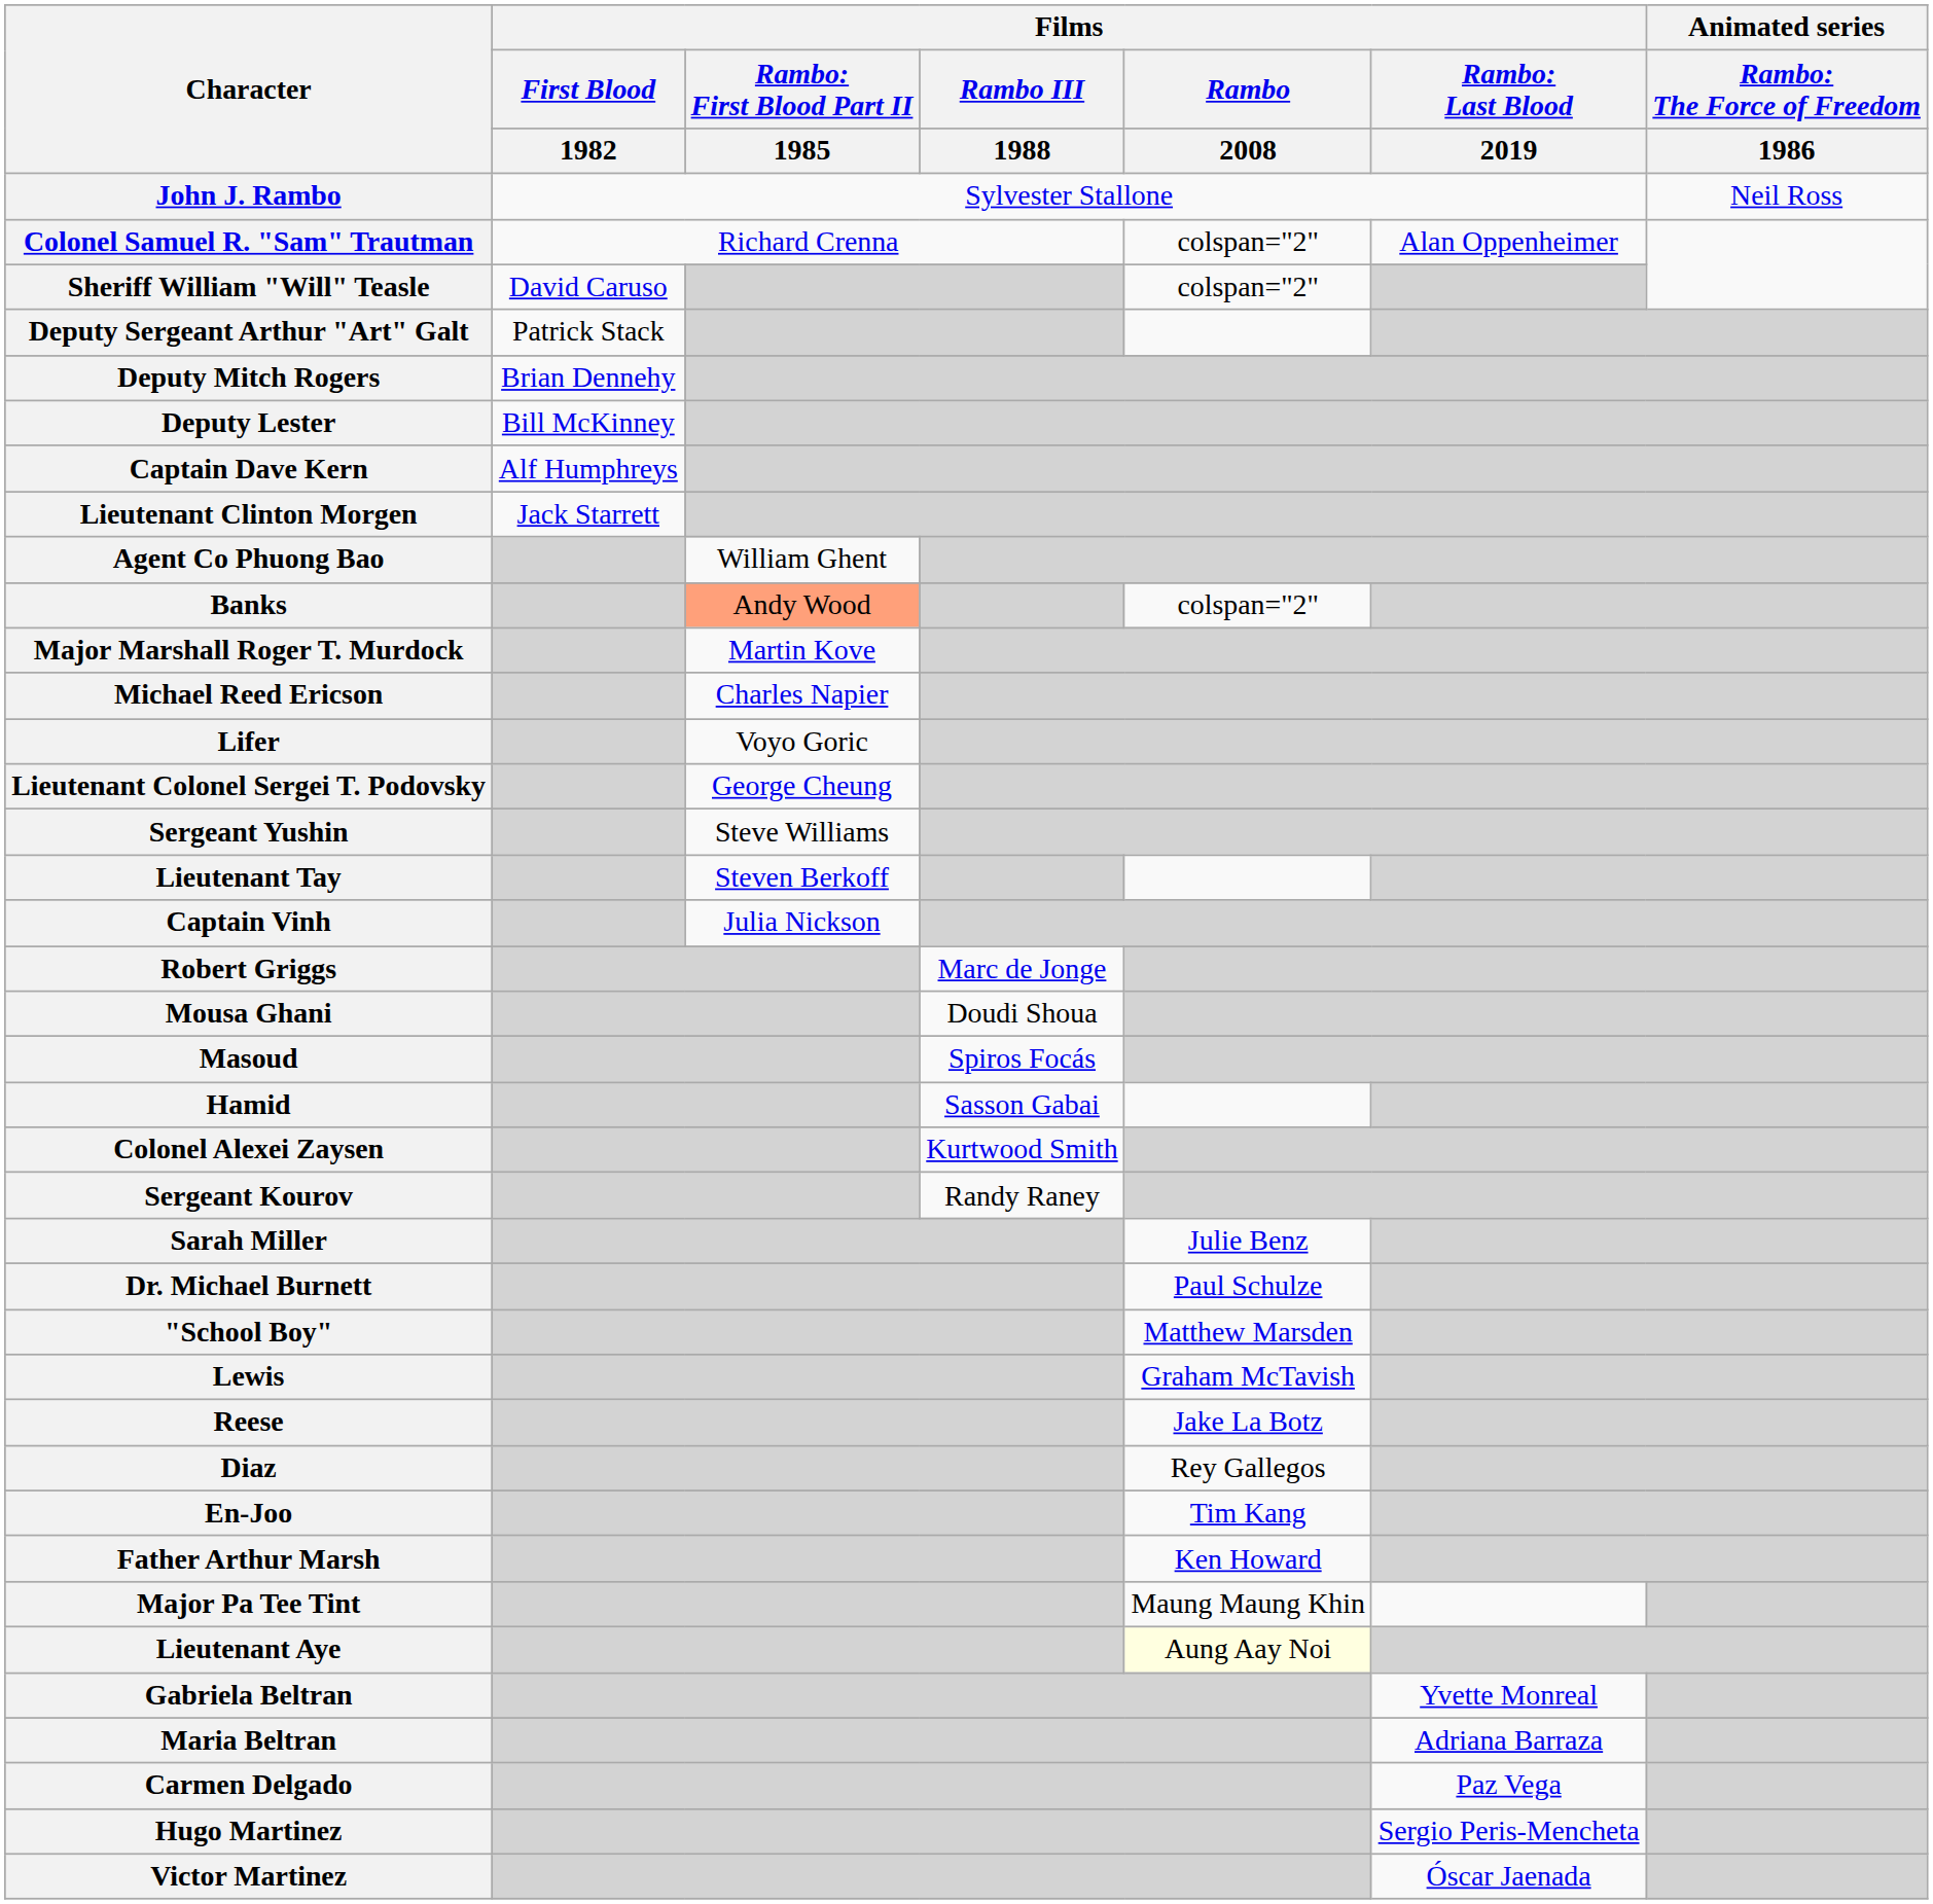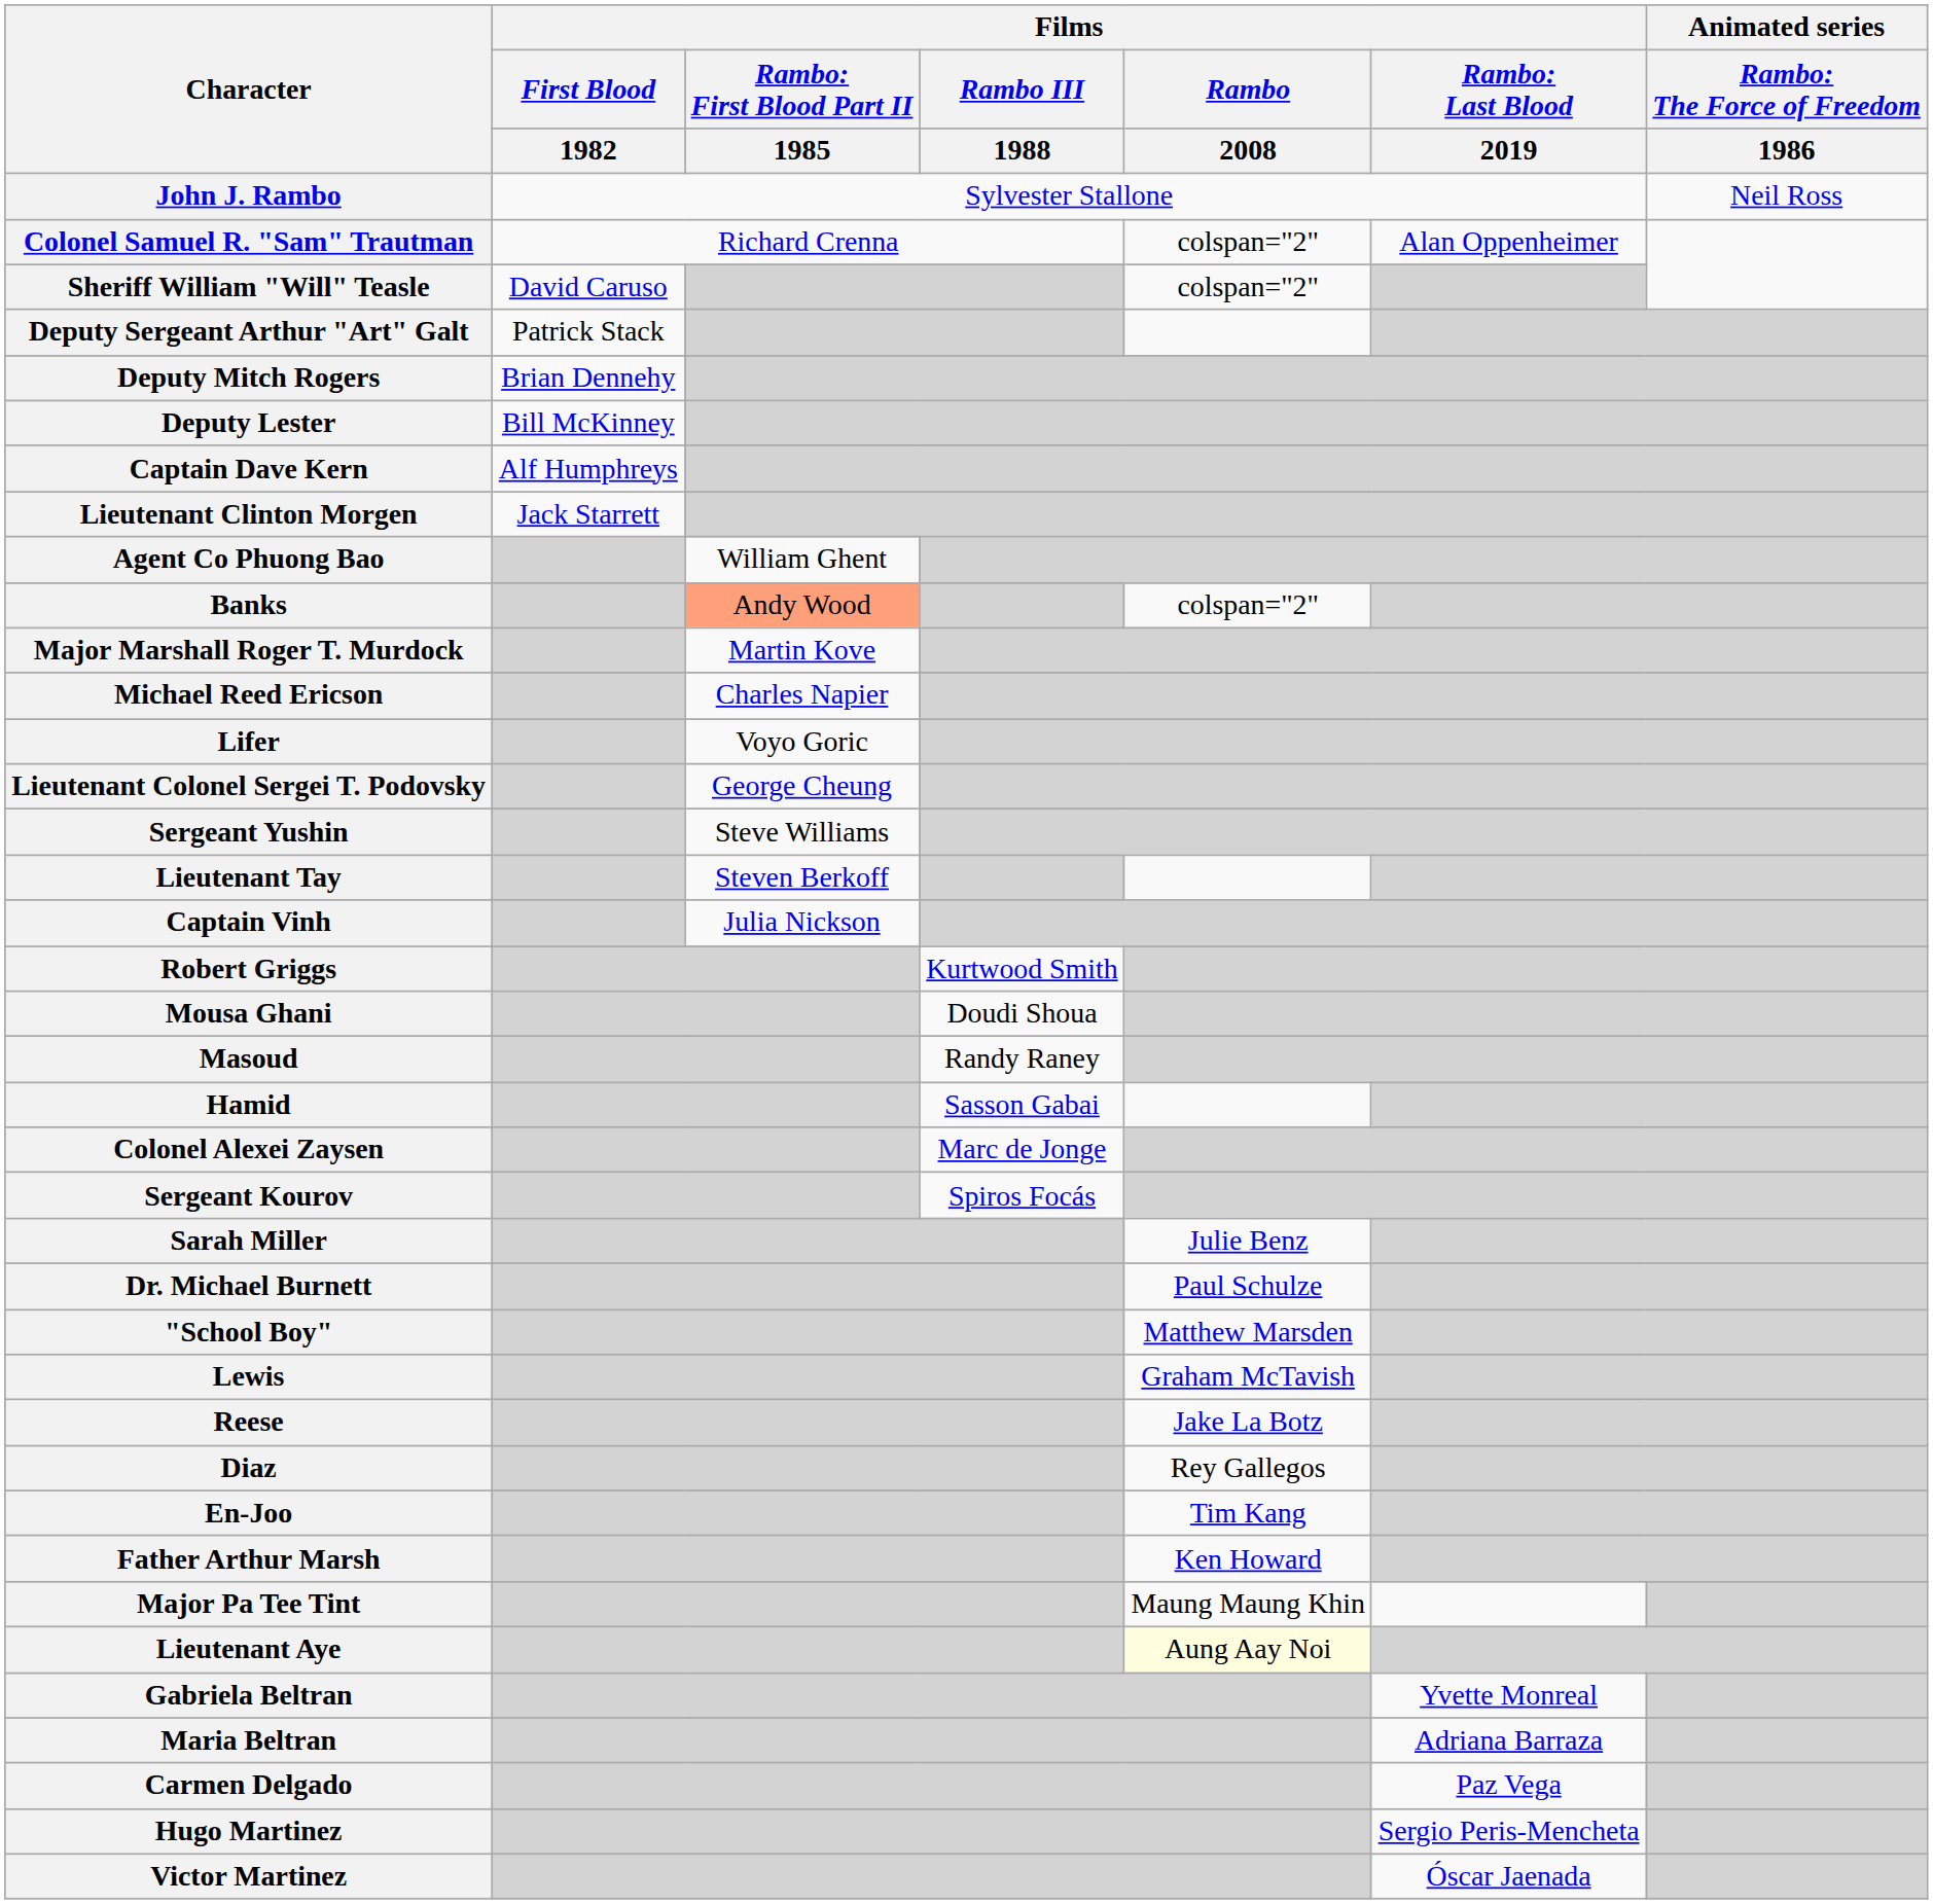 <table class="wikitable" style="text-align:center;">
 <tr>
 <th rowspan="3">Character</th>
 <th colspan="5">Films</th>
 <th colspan="1">Animated series</th>
 </tr>
 <tr>
 <th><em><a href='#'>First Blood</a></em></th>
 <th><em><a href='#'>Rambo:<br>First Blood Part II</a></em></th>
 <th><em><a href='#'>Rambo III</a></em></th>
 <th><em><a href='#'>Rambo</a></em></th>
 <th><em><a href='#'>Rambo:<br>Last Blood</a></em></th>
 <th><em><a href='#'>Rambo:<br>The Force of Freedom</a></em></th>
 </tr>
 <tr>
 <th>1982</th>
 <th>1985</th>
 <th>1988</th>
 <th>2008</th>
 <th>2019</th>
 <th>1986</th>
 </tr>
 <tr>
 <th><a href='#'>John J. Rambo</a></th>
 <td colspan="5"><a href='#'>Sylvester Stallone</a></td>
 <td><a href='#'>Neil Ross</a></td>
 </tr>
 <tr>
 <th><a href='#'>Colonel Samuel R. "Sam" Trautman</a></th>
 <td colspan="3"><a href='#'>Richard Crenna</a></td>
 <td>colspan="2" </td>
 <td><a href='#'>Alan Oppenheimer</a></td>
 </tr>
 <tr>
 <th>Sheriff William "Will" Teasle</th>
 <td><a href='#'>David Caruso</a></td>
 <td colspan="2" style="background:#d3d3d3;"></td>
 <td>colspan="2" </td>
 <td style="background:#d3d3d3;"></td>
 </tr>
 <tr>
 <th>Deputy Sergeant Arthur "Art" Galt</th>
 <td>Patrick Stack</td>
 <td colspan="2" style="background:#d3d3d3;"></td>
 <td></td>
 <td colspan="2" style="background:#d3d3d3;"></td>
 </tr>
 <tr>
 <th>Deputy Mitch Rogers</th>
 <td><a href='#'>Brian Dennehy</a></td>
 <td colspan="5" style="background:#d3d3d3;"></td>
 </tr>
 <tr>
 <th>Deputy Lester</th>
 <td><a href='#'>Bill McKinney</a></td>
 <td colspan="5" style="background:#d3d3d3;"></td>
 </tr>
 <tr>
 <th>Captain Dave Kern</th>
 <td><a href='#'>Alf Humphreys</a></td>
 <td colspan="5" style="background:#d3d3d3;"></td>
 </tr>
 <tr>
 <th>Lieutenant Clinton Morgen</th>
 <td><a href='#'>Jack Starrett</a></td>
 <td colspan="5" style="background:#d3d3d3;"></td>
 </tr>
 <tr>
 <th>Agent Co Phuong Bao</th>
 <td style="background:#d3d3d3;"></td>
 <td>William Ghent</td>
 <td colspan="4" style="background:#d3d3d3;"></td>
 </tr>
 <tr>
 <th>Banks</th>
 <td style="background:#d3d3d3;"></td>
 <td style="background: lightsalmon;">Andy Wood</td>
 <td style="background:#d3d3d3;"></td>
 <td>colspan="2" </td>
 <td colspan="2" style="background:#d3d3d3;"></td>
 </tr>
 <tr>
 <th>Major Marshall Roger T. Murdock</th>
 <td style="background:#d3d3d3;"></td>
 <td><a href='#'>Martin Kove</a></td>
 <td colspan="4" style="background:#d3d3d3;"></td>
 </tr>
 <tr>
 <th>Michael Reed Ericson</th>
 <td style="background:#d3d3d3;"></td>
 <td><a href='#'>Charles Napier</a></td>
 <td colspan="4" style="background:#d3d3d3;"></td>
 </tr>
 <tr>
 <th>Lifer</th>
 <td style="background:#d3d3d3;"></td>
 <td>Voyo Goric</td>
 <td colspan="4" style="background:#d3d3d3;"></td>
 </tr>
 <tr>
 <th>Lieutenant Colonel Sergei T. Podovsky</th>
 <td style="background:#d3d3d3;"></td>
 <td><a href='#'>George Cheung</a></td>
 <td colspan="4" style="background:#d3d3d3;"></td>
 </tr>
 <tr>
 <th>Sergeant Yushin</th>
 <td style="background:#d3d3d3;"></td>
 <td>Steve Williams</td>
 <td colspan="4" style="background:#d3d3d3;"></td>
 </tr>
 <tr>
 <th>Lieutenant Tay</th>
 <td style="background:#d3d3d3;"></td>
 <td><a href='#'>Steven Berkoff</a></td>
 <td style="background:#d3d3d3;"></td>
 <td></td>
 <td colspan="2" style="background:#d3d3d3;"></td>
 </tr>
 <tr>
 <th>Captain Vinh</th>
 <td style="background:#d3d3d3;"></td>
 <td><a href='#'>Julia Nickson</a></td>
 <td colspan="4" style="background:#d3d3d3;"></td>
 </tr>
 <tr>
 <th>Robert Griggs</th>
 <td colspan="2" style="background:#d3d3d3;"></td>
-<td><a href='#'>Marc de Jonge</a></td>
+<td><a href='#'>Kurtwood Smith</a></td>
 <td colspan="3" style="background:#d3d3d3;"></td>
 </tr>
 <tr>
 <th>Mousa Ghani</th>
 <td colspan="2" style="background:#d3d3d3;"></td>
 <td>Doudi Shoua</td>
 <td colspan="3" style="background:#d3d3d3;"></td>
 </tr>
 <tr>
 <th>Masoud</th>
 <td colspan="2" style="background:#d3d3d3;"></td>
-<td><a href='#'>Spiros Focás</a></td>
+<td>Randy Raney</td>
 <td colspan="3" style="background:#d3d3d3;"></td>
 </tr>
 <tr>
 <th>Hamid</th>
 <td colspan="2" style="background:#d3d3d3;"></td>
 <td><a href='#'>Sasson Gabai</a></td>
 <td></td>
 <td colspan="2" style="background:#d3d3d3;"></td>
 </tr>
 <tr>
 <th>Colonel Alexei Zaysen</th>
 <td colspan="2" style="background:#d3d3d3;"></td>
-<td><a href='#'>Kurtwood Smith</a></td>
+<td><a href='#'>Marc de Jonge</a></td>
 <td colspan="3" style="background:#d3d3d3;"></td>
 </tr>
 <tr>
 <th>Sergeant Kourov</th>
 <td colspan="2" style="background:#d3d3d3;"></td>
-<td>Randy Raney</td>
+<td><a href='#'>Spiros Focás</a></td>
 <td colspan="3" style="background:#d3d3d3;"></td>
 </tr>
 <tr>
 <th>Sarah Miller</th>
 <td colspan="3" style="background:#d3d3d3;"></td>
 <td><a href='#'>Julie Benz</a></td>
 <td colspan="2" style="background:#d3d3d3;"></td>
 </tr>
 <tr>
 <th>Dr. Michael Burnett</th>
 <td colspan="3" style="background:#d3d3d3;"></td>
 <td><a href='#'>Paul Schulze</a></td>
 <td colspan="2" style="background:#d3d3d3;"></td>
 </tr>
 <tr>
 <th>"School Boy"</th>
 <td colspan="3" style="background:#d3d3d3;"></td>
 <td><a href='#'>Matthew Marsden</a></td>
 <td colspan="2" style="background:#d3d3d3;"></td>
 </tr>
 <tr>
 <th>Lewis</th>
 <td colspan="3" style="background:#d3d3d3;"></td>
 <td><a href='#'>Graham McTavish</a></td>
 <td colspan="2" style="background:#d3d3d3;"></td>
 </tr>
 <tr>
 <th>Reese</th>
 <td colspan="3" style="background:#d3d3d3;"></td>
 <td><a href='#'>Jake La Botz</a></td>
 <td colspan="2" style="background:#d3d3d3;"></td>
 </tr>
 <tr>
 <th>Diaz</th>
 <td colspan="3" style="background:#d3d3d3;"></td>
 <td>Rey Gallegos</td>
 <td colspan="2" style="background:#d3d3d3;"></td>
 </tr>
 <tr>
 <th>En-Joo</th>
 <td colspan="3" style="background:#d3d3d3;"></td>
 <td><a href='#'>Tim Kang</a></td>
 <td colspan="2" style="background:#d3d3d3;"></td>
 </tr>
 <tr>
 <th>Father Arthur Marsh</th>
 <td colspan="3" style="background:#d3d3d3;"></td>
 <td><a href='#'>Ken Howard</a></td>
 <td colspan="2" style="background:#d3d3d3;"></td>
 </tr>
 <tr>
 <th>Major Pa Tee Tint</th>
 <td colspan="3" style="background:#d3d3d3;"></td>
 <td>Maung Maung Khin</td>
 <td></td>
 <td colspan="2" style="background:#d3d3d3;"></td>
 </tr>
 <tr>
 <th>Lieutenant Aye</th>
 <td colspan="3" style="background:#d3d3d3;"></td>
 <td style="background: lightyellow;">Aung Aay Noi</td>
 <td colspan="2" style="background:#d3d3d3;"></td>
 </tr>
 <tr>
 <th>Gabriela Beltran</th>
 <td colspan="4" style="background:#d3d3d3;"></td>
 <td><a href='#'>Yvette Monreal</a></td>
 <td style="background:#d3d3d3;"></td>
 </tr>
 <tr>
 <th>Maria Beltran</th>
 <td colspan="4" style="background:#d3d3d3;"></td>
 <td><a href='#'>Adriana Barraza</a></td>
 <td style="background:#d3d3d3;"></td>
 </tr>
 <tr>
 <th>Carmen Delgado</th>
 <td colspan="4" style="background:#d3d3d3;"></td>
 <td><a href='#'>Paz Vega</a></td>
 <td style="background:#d3d3d3;"></td>
 </tr>
 <tr>
 <th>Hugo Martinez</th>
 <td colspan="4" style="background:#d3d3d3;"></td>
 <td><a href='#'>Sergio Peris-Mencheta</a></td>
 <td style="background:#d3d3d3;"></td>
 </tr>
 <tr>
 <th>Victor Martinez</th>
 <td colspan="4" style="background:#d3d3d3;"></td>
 <td><a href='#'>Óscar Jaenada</a></td>
 <td style="background:#d3d3d3;"></td>
 </tr>
 </table>
